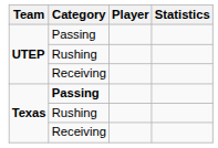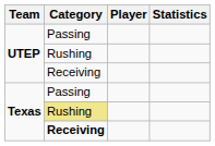 <table class="wikitable" style="float: right;">
 <tr>
 <th>Team</th>
 <th>Category</th>
 <th>Player</th>
 <th>Statistics</th>
 </tr>
 <tr>
 <td rowspan=3><strong>UTEP</strong></td>
 <td>Passing</td>
 <td></td>
 <td></td>
 </tr>
 <tr>
 <td>Rushing</td>
 <td></td>
 <td></td>
 </tr>
 <tr>
 <td>Receiving</td>
 <td></td>
 <td></td>
 </tr>
 <tr>
 <td rowspan=3><strong>Texas</strong></td>
-<td><strong>Passing</strong></td>
+<td>Passing</td>
 <td></td>
 <td></td>
 </tr>
 <tr>
-<td>Rushing</td>
+<td style="background: khaki;">Rushing</td>
 <td></td>
 <td></td>
 </tr>
 <tr>
-<td>Receiving</td>
+<td><strong>Receiving</strong></td>
 <td></td>
 <td></td>
 </tr>
 </table>
